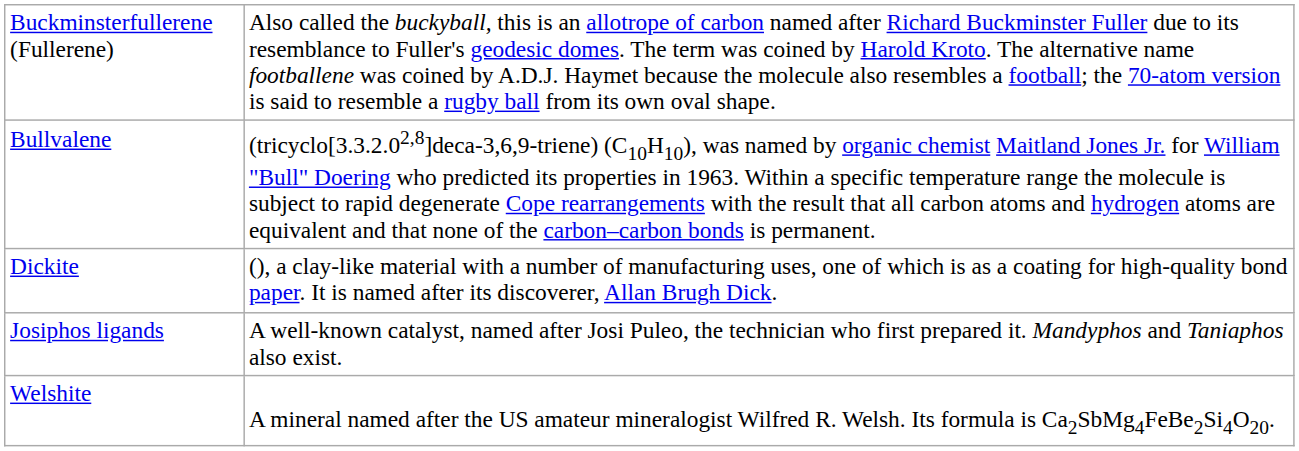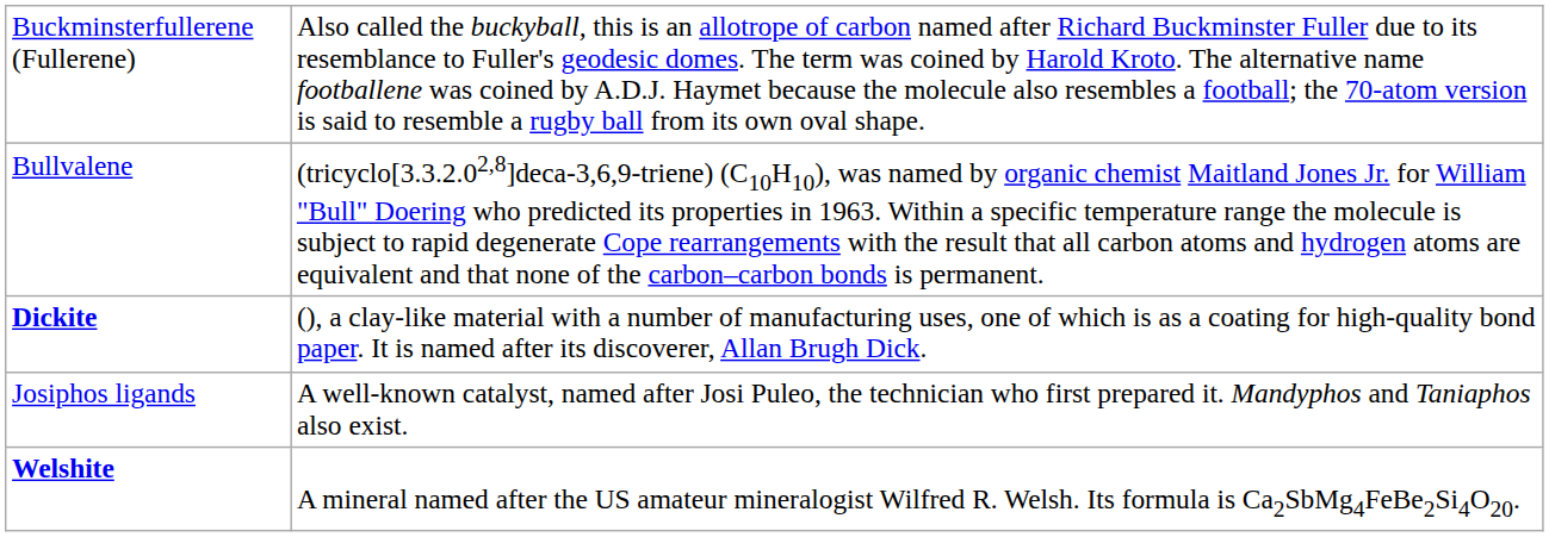 <table class="wikitable" style="margin:auto; background:white;">
 <tr>
 <td valign="top"><a href='#'>Buckminsterfullerene</a> (Fullerene)</td>
 <td valign="top"> Also called the <em>buckyball,</em> this is an <a href='#'>allotrope of carbon</a> named after <a href='#'>Richard Buckminster Fuller</a> due to its resemblance to Fuller's <a href='#'>geodesic domes</a>. The term was coined by <a href='#'>Harold Kroto</a>.  The alternative name <em>footballene</em> was coined by A.D.J. Haymet because the molecule also resembles a <a href='#'>football</a>; the <a href='#'>70-atom version</a> is said to resemble a <a href='#'>rugby ball</a> from its own oval shape.</td>
 </tr>
 <tr>
 <td valign="top"><a href='#'>Bullvalene</a></td>
 <td valign="top"> (tricyclo[3.3.2.0<sup>2,8</sup>]deca-3,6,9-triene) (C<sub>10</sub>H<sub>10</sub>), was named by <a href='#'>organic chemist</a> <a href='#'>Maitland Jones Jr.</a> for <a href='#'>William "Bull" Doering</a> who predicted its properties in 1963.  Within a specific temperature range the molecule is subject to rapid degenerate <a href='#'>Cope rearrangements</a> with the result that all carbon atoms and <a href='#'>hydrogen</a> atoms are equivalent and that none of the <a href='#'>carbon–carbon bonds</a> is permanent.</td>
 </tr>
 <tr>
-<td valign="top"><a href='#'>Dickite</a></td>
+<td valign="top"><strong><a href='#'>Dickite</a></strong></td>
 <td valign="top">(), a clay-like material with a number of manufacturing uses, one of which is as a coating for high-quality bond <a href='#'>paper</a>. It is named after its discoverer, <a href='#'>Allan Brugh Dick</a>.</td>
 </tr>
 <tr>
 <td valign="top"><a href='#'>Josiphos ligands</a></td>
 <td valign="top">A well-known catalyst, named after Josi Puleo, the technician who first prepared it. <em>Mandyphos</em> and <em>Taniaphos</em> also exist.</td>
 </tr>
 <tr>
-<td valign="top"><a href='#'>Welshite</a></td>
+<td valign="top"><strong><a href='#'>Welshite</a></strong></td>
 <td valign="top"><br>A mineral named after the US amateur mineralogist Wilfred R. Welsh. Its formula is Ca<sub>2</sub>SbMg<sub>4</sub>FeBe<sub>2</sub>Si<sub>4</sub>O<sub>20</sub>.</td>
 </tr>
 </table>
